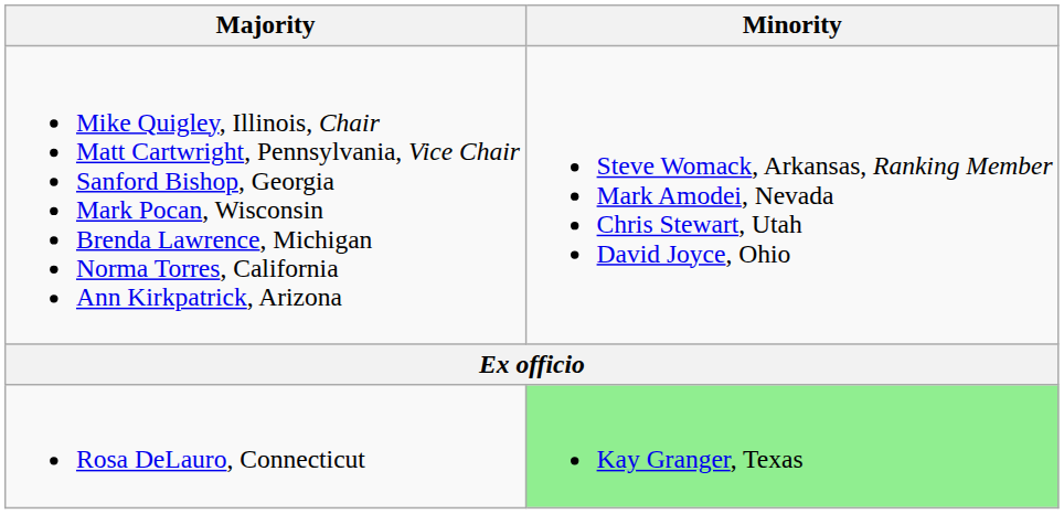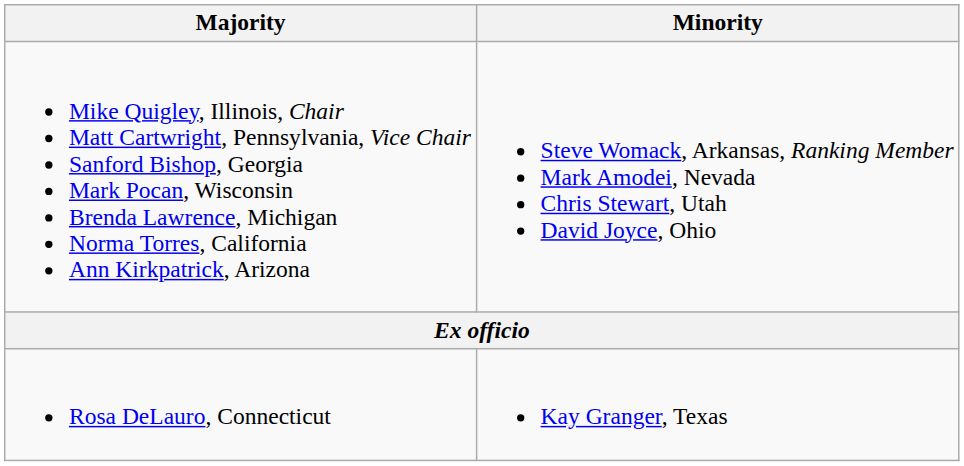 <table class="wikitable">
 <tr>
 <th>Majority</th>
 <th>Minority</th>
 </tr>
 <tr>
 <td><br><ul><li><a href='#'>Mike Quigley</a>, Illinois, <em>Chair</em></li><li><a href='#'>Matt Cartwright</a>, Pennsylvania, <em>Vice Chair</em></li><li><a href='#'>Sanford Bishop</a>, Georgia</li><li><a href='#'>Mark Pocan</a>, Wisconsin</li><li><a href='#'>Brenda Lawrence</a>, Michigan</li><li><a href='#'>Norma Torres</a>, California</li><li><a href='#'>Ann Kirkpatrick</a>, Arizona</li></ul></td>
 <td><br><ul><li><a href='#'>Steve Womack</a>, Arkansas, <em>Ranking Member</em></li><li><a href='#'>Mark Amodei</a>, Nevada</li><li><a href='#'>Chris Stewart</a>, Utah</li><li><a href='#'>David Joyce</a>, Ohio</li></ul></td>
 </tr>
 <tr>
 <th colspan="2"><em>Ex officio</em></th>
 </tr>
 <tr>
 <td><br><ul><li><a href='#'>Rosa DeLauro</a>, Connecticut</li></ul></td>
-<td style="background: lightgreen;"><br><ul><li><a href='#'>Kay Granger</a>, Texas</li></ul></td>
+<td><br><ul><li><a href='#'>Kay Granger</a>, Texas</li></ul></td>
 </tr>
 </table>
